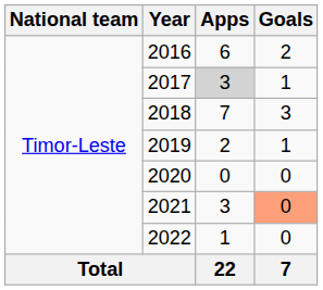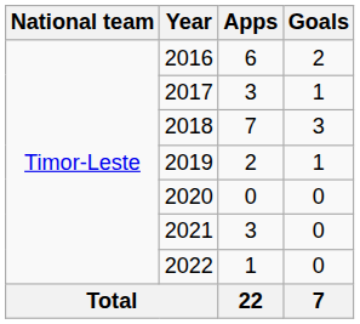 <table class="wikitable" style="text-align:center">
 <tr>
 <th>National team</th>
 <th>Year</th>
 <th>Apps</th>
 <th>Goals</th>
 </tr>
 <tr>
 <td rowspan="7"><a href='#'>Timor-Leste</a></td>
 <td>2016</td>
 <td>6</td>
 <td>2</td>
 </tr>
 <tr>
 <td>2017</td>
-<td style="background: lightgrey;">3</td>
+<td>3</td>
 <td>1</td>
 </tr>
 <tr>
 <td>2018</td>
 <td>7</td>
 <td>3</td>
 </tr>
 <tr>
 <td>2019</td>
 <td>2</td>
 <td>1</td>
 </tr>
 <tr>
 <td>2020</td>
 <td>0</td>
 <td>0</td>
 </tr>
 <tr>
 <td>2021</td>
 <td>3</td>
-<td style="background: lightsalmon;">0</td>
+<td>0</td>
 </tr>
 <tr>
 <td>2022</td>
 <td>1</td>
 <td>0</td>
 </tr>
 <tr>
 <th colspan=2>Total</th>
 <th>22</th>
 <th>7</th>
 </tr>
 </table>
